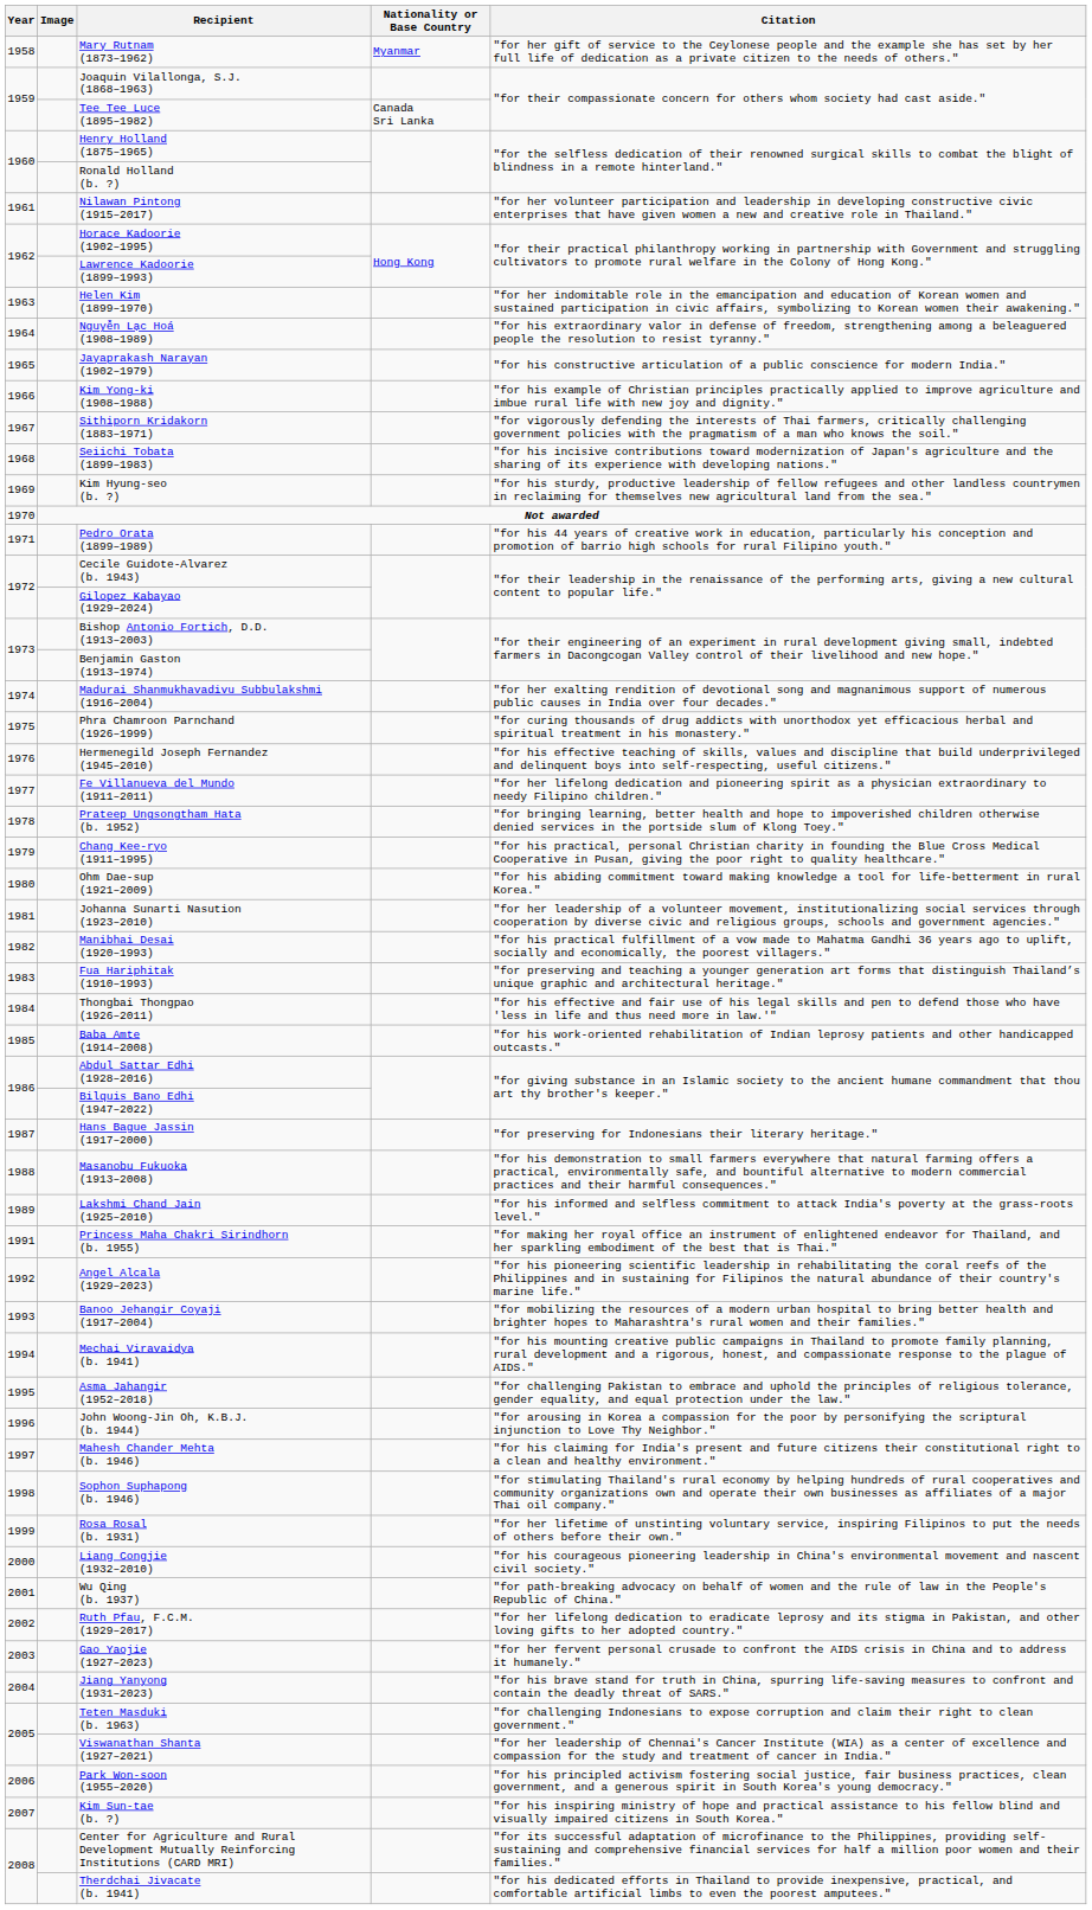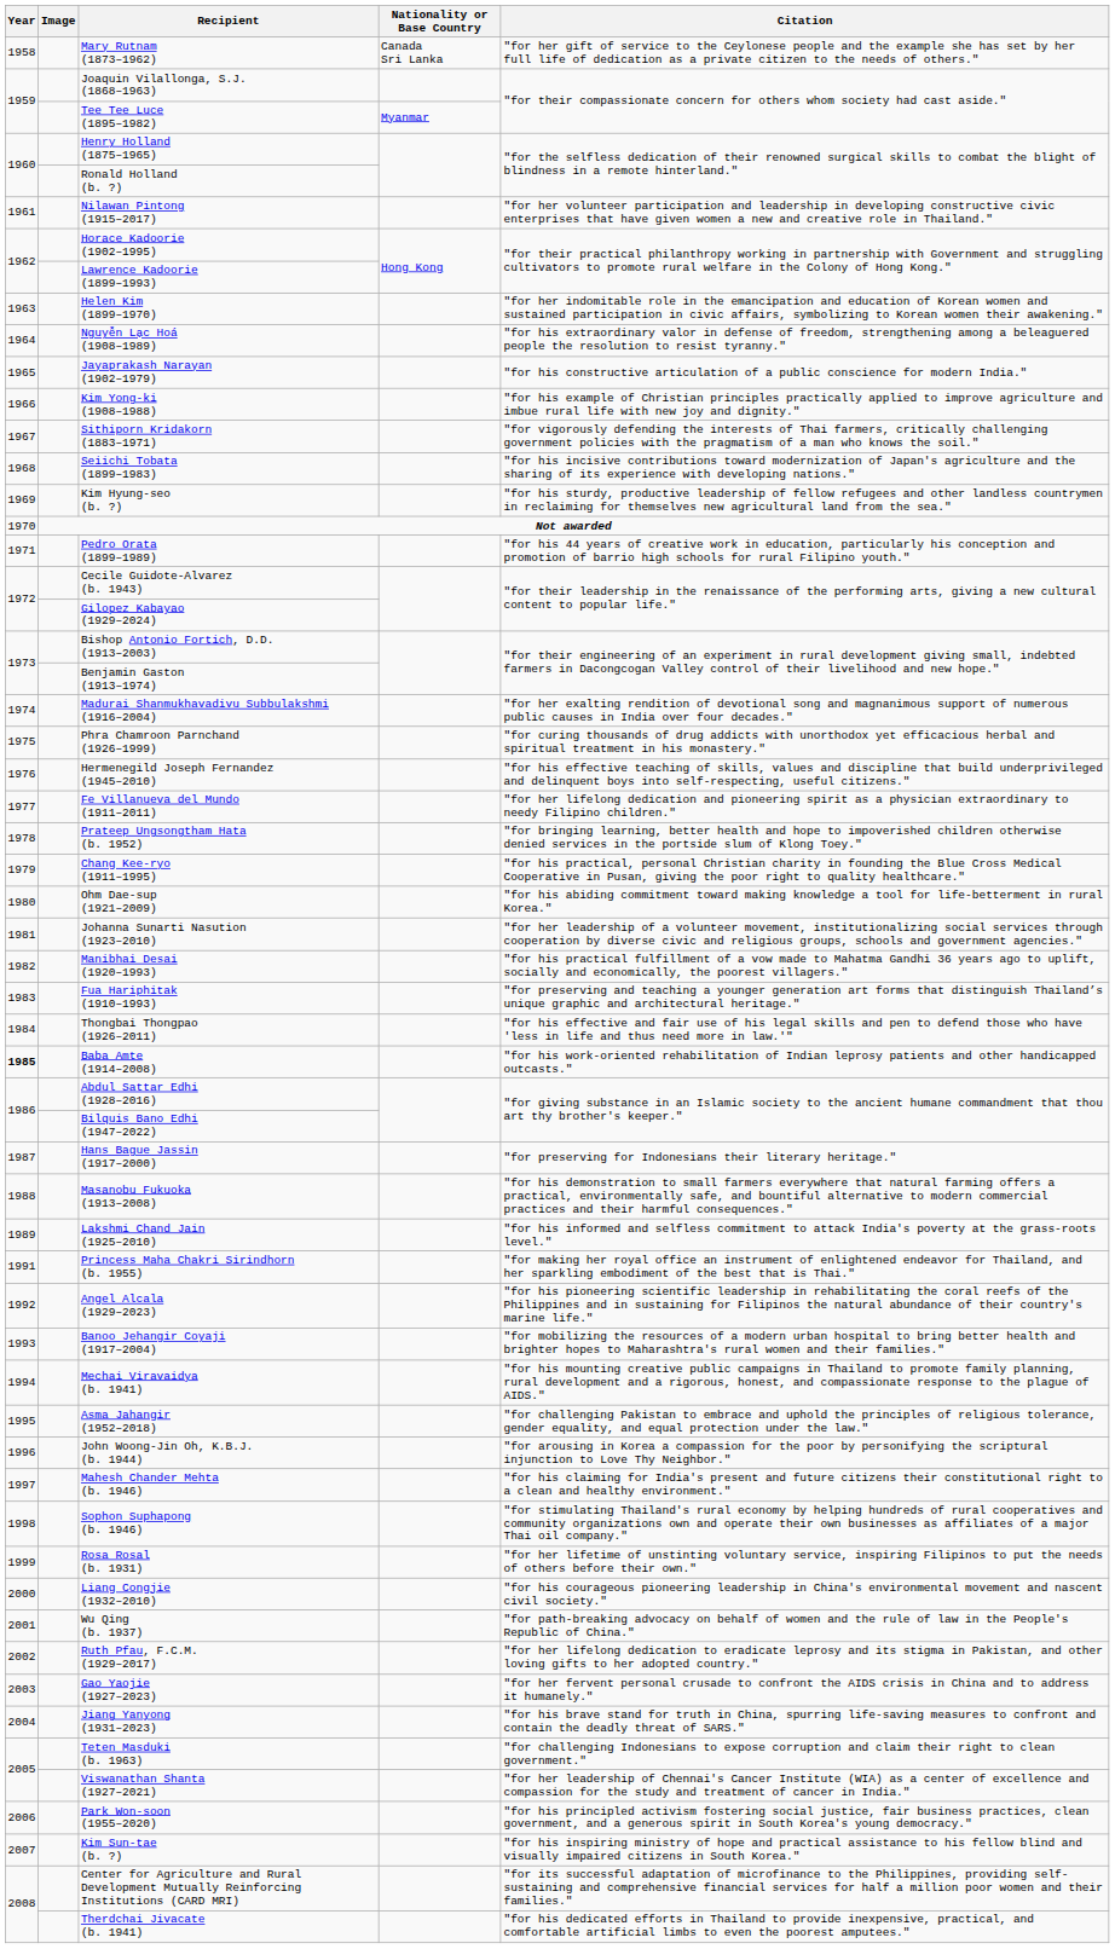 <table class="wikitable sortable" border="1">
 <tr>
 <th>Year</th>
 <th>Image</th>
 <th>Recipient</th>
 <th>Nationality or Base Country</th>
 <th>Citation</th>
 </tr>
 <tr>
 <td>1958</td>
 <td></td>
 <td><a href='#'>Mary Rutnam</a><br>(1873–1962)</td>
-<td> <a href='#'>Myanmar</a></td>
+<td>Canada<br>Sri Lanka</td>
 <td>"for her gift of service to the Ceylonese people and the example she has set by her full life of dedication as a private citizen to the needs of others."</td>
 </tr>
 <tr>
 <td rowspan="2">1959</td>
 <td></td>
 <td>Joaquin Vilallonga, S.J.<br>(1868–1963)</td>
 <td><br></td>
 <td rowspan="2">"for their compassionate concern for others whom society had cast aside."</td>
 </tr>
 <tr>
 <td></td>
 <td><a href='#'>Tee Tee Luce</a><br>(1895–1982)</td>
-<td>Canada<br>Sri Lanka</td>
+<td> <a href='#'>Myanmar</a></td>
 </tr>
 <tr>
 <td rowspan="2">1960</td>
 <td></td>
 <td><a href='#'>Henry Holland</a><br>(1875–1965)</td>
 <td rowspan="2"><br></td>
 <td rowspan="2">"for the selfless dedication of their renowned surgical skills to combat the blight of blindness in a remote hinterland."</td>
 </tr>
 <tr>
 <td></td>
 <td>Ronald Holland<br>(b. ?)</td>
 </tr>
 <tr>
 <td>1961</td>
 <td></td>
 <td><a href='#'>Nilawan Pintong</a><br>(1915–2017)</td>
 <td></td>
 <td>"for her volunteer participation and leadership in developing constructive civic enterprises that have given women a new and creative role in Thailand."</td>
 </tr>
 <tr>
 <td rowspan="2">1962</td>
 <td></td>
 <td><a href='#'>Horace Kadoorie</a><br>(1902–1995)</td>
 <td rowspan="2"><br>  <a href='#'>Hong Kong</a></td>
 <td rowspan="2">"for their practical philanthropy working in partnership with Government and struggling cultivators to promote rural welfare in the Colony of Hong Kong."</td>
 </tr>
 <tr>
 <td></td>
 <td><a href='#'>Lawrence Kadoorie</a><br>(1899–1993)</td>
 </tr>
 <tr>
 <td>1963</td>
 <td></td>
 <td><a href='#'>Helen Kim</a><br>(1899–1970)</td>
 <td></td>
 <td>"for her indomitable role in the emancipation and education of Korean women and sustained participation in civic affairs, symbolizing to Korean women their awakening."</td>
 </tr>
 <tr>
 <td>1964</td>
 <td></td>
 <td><a href='#'>Nguyễn Lạc Hoá</a><br>(1908–1989)</td>
 <td></td>
 <td>"for his extraordinary valor in defense of freedom, strengthening among a beleaguered people the resolution to resist tyranny."</td>
 </tr>
 <tr>
 <td>1965</td>
 <td></td>
 <td><a href='#'>Jayaprakash Narayan</a><br>(1902–1979)</td>
 <td></td>
 <td>"for his constructive articulation of a public conscience for modern India."</td>
 </tr>
 <tr>
 <td>1966</td>
 <td></td>
 <td><a href='#'>Kim Yong-ki</a><br>(1908–1988)</td>
 <td></td>
 <td>"for his example of Christian principles practically applied to improve agriculture and imbue rural life with new joy and dignity."</td>
 </tr>
 <tr>
 <td>1967</td>
 <td></td>
 <td><a href='#'>Sithiporn Kridakorn</a><br>(1883–1971)</td>
 <td></td>
 <td>"for vigorously defending the interests of Thai farmers, critically challenging government policies with the pragmatism of a man who knows the soil."</td>
 </tr>
 <tr>
 <td>1968</td>
 <td></td>
 <td><a href='#'>Seiichi Tobata</a><br>(1899–1983)</td>
 <td></td>
 <td>"for his incisive contributions toward modernization of Japan's agriculture and the sharing of its experience with developing nations."</td>
 </tr>
 <tr>
 <td>1969</td>
 <td></td>
 <td>Kim Hyung-seo<br>(b. ?)</td>
 <td></td>
 <td>"for his sturdy, productive leadership of fellow refugees and other landless countrymen in reclaiming for themselves new agricultural land from the sea."</td>
 </tr>
 <tr>
 <td>1970</td>
 <td colspan="4" align="center"><strong><em>Not awarded</em></strong></td>
 </tr>
 <tr>
 <td>1971</td>
 <td></td>
 <td><a href='#'>Pedro Orata</a><br>(1899–1989)</td>
 <td></td>
 <td>"for his 44 years of creative work in education, particularly his conception and promotion of barrio high schools for rural Filipino youth."</td>
 </tr>
 <tr>
 <td rowspan="2">1972</td>
 <td></td>
 <td>Cecile Guidote-Alvarez<br>(b. 1943)</td>
 <td rowspan="2"></td>
 <td rowspan="2">"for their leadership in the renaissance of the performing arts, giving a new cultural content to popular life."</td>
 </tr>
 <tr>
 <td></td>
 <td><a href='#'>Gilopez Kabayao</a><br>(1929–2024)</td>
 </tr>
 <tr>
 <td rowspan="2">1973</td>
 <td></td>
 <td>Bishop <a href='#'>Antonio Fortich</a>, D.D.<br>(1913–2003)</td>
 <td rowspan="2"></td>
 <td rowspan="2">"for their engineering of an experiment in rural development giving small, indebted farmers in Dacongcogan Valley control of their livelihood and new hope."</td>
 </tr>
 <tr>
 <td></td>
 <td>Benjamin Gaston<br>(1913–1974)</td>
 </tr>
 <tr>
 <td>1974</td>
 <td></td>
 <td><a href='#'>Madurai Shanmukhavadivu Subbulakshmi</a><br>(1916–2004)</td>
 <td></td>
 <td>"for her exalting rendition of devotional song and magnanimous support of numerous public causes in India over four decades."</td>
 </tr>
 <tr>
 <td>1975</td>
 <td></td>
 <td>Phra Chamroon Parnchand<br>(1926–1999)</td>
 <td></td>
 <td>"for curing thousands of drug addicts with unorthodox yet efficacious herbal and spiritual treatment in his monastery."</td>
 </tr>
 <tr>
 <td>1976</td>
 <td></td>
 <td>Hermenegild Joseph Fernandez<br>(1945–2010)</td>
 <td><br></td>
 <td>"for his effective teaching of skills, values and discipline that build underprivileged and delinquent boys into self-respecting, useful citizens."</td>
 </tr>
 <tr>
 <td>1977</td>
 <td></td>
 <td><a href='#'>Fe Villanueva del Mundo</a><br>(1911–2011)</td>
 <td></td>
 <td>"for her lifelong dedication and pioneering spirit as a physician extraordinary to needy Filipino children."</td>
 </tr>
 <tr>
 <td>1978</td>
 <td></td>
 <td><a href='#'>Prateep Ungsongtham Hata</a><br>(b. 1952)</td>
 <td></td>
 <td>"for bringing learning, better health and hope to impoverished children otherwise denied services in the portside slum of Klong Toey."</td>
 </tr>
 <tr>
 <td>1979</td>
 <td></td>
 <td><a href='#'>Chang Kee-ryo</a><br>(1911–1995)</td>
 <td></td>
 <td>"for his practical, personal Christian charity in founding the Blue Cross Medical Cooperative in Pusan, giving the poor right to quality healthcare."</td>
 </tr>
 <tr>
 <td>1980</td>
 <td></td>
 <td>Ohm Dae-sup<br>(1921–2009)</td>
 <td></td>
 <td>"for his abiding commitment toward making knowledge a tool for life-betterment in rural Korea."</td>
 </tr>
 <tr>
 <td>1981</td>
 <td></td>
 <td>Johanna Sunarti Nasution<br>(1923–2010)</td>
 <td></td>
 <td>"for her leadership of a volunteer movement, institutionalizing social services through cooperation by diverse civic and religious groups, schools and government agencies."</td>
 </tr>
 <tr>
 <td>1982</td>
 <td></td>
 <td><a href='#'>Manibhai Desai</a><br>(1920–1993)</td>
 <td></td>
 <td>"for his practical fulfillment of a vow made to Mahatma Gandhi 36 years ago to uplift, socially and economically, the poorest villagers."</td>
 </tr>
 <tr>
 <td>1983</td>
 <td></td>
 <td><a href='#'>Fua Hariphitak</a><br>(1910–1993)</td>
 <td></td>
 <td>"for preserving and teaching a younger generation art forms that distinguish Thailand’s unique graphic and architectural heritage."</td>
 </tr>
 <tr>
 <td>1984</td>
 <td></td>
 <td>Thongbai Thongpao<br>(1926–2011)</td>
 <td></td>
 <td>"for his effective and fair use of his legal skills and pen to defend those who have 'less in life and thus need more in law.'"</td>
 </tr>
 <tr>
-<td>1985</td>
+<td><strong>1985</strong></td>
 <td></td>
 <td><a href='#'>Baba Amte</a><br>(1914–2008)</td>
 <td></td>
 <td>"for his work-oriented rehabilitation of Indian leprosy patients and other handicapped outcasts."</td>
 </tr>
 <tr>
 <td rowspan="2">1986</td>
 <td></td>
 <td><a href='#'>Abdul Sattar Edhi</a><br>(1928–2016)</td>
 <td rowspan="2"></td>
 <td rowspan="2">"for giving substance in an Islamic society to the ancient humane commandment that thou art thy brother's keeper."</td>
 </tr>
 <tr>
 <td></td>
 <td><a href='#'>Bilquis Bano Edhi</a><br>(1947–2022)</td>
 </tr>
 <tr>
 <td>1987</td>
 <td></td>
 <td><a href='#'>Hans Bague Jassin</a><br>(1917–2000)</td>
 <td></td>
 <td>"for preserving for Indonesians their literary heritage."</td>
 </tr>
 <tr>
 <td>1988</td>
 <td></td>
 <td><a href='#'>Masanobu Fukuoka</a><br>(1913–2008)</td>
 <td></td>
 <td>"for his demonstration to small farmers everywhere that natural farming offers a practical, environmentally safe, and bountiful alternative to modern commercial practices and their harmful consequences."</td>
 </tr>
 <tr>
 <td>1989</td>
 <td></td>
 <td><a href='#'>Lakshmi Chand Jain</a><br>(1925–2010)</td>
 <td></td>
 <td>"for his informed and selfless commitment to attack India's poverty at the grass-roots level."</td>
 </tr>
 <tr>
 <td>1991</td>
 <td></td>
 <td><a href='#'>Princess Maha Chakri Sirindhorn</a><br>(b. 1955)</td>
 <td></td>
 <td>"for making her royal office an instrument of enlightened endeavor for Thailand, and her sparkling embodiment of the best that is Thai."</td>
 </tr>
 <tr>
 <td>1992</td>
 <td></td>
 <td><a href='#'>Angel Alcala</a><br>(1929–2023)</td>
 <td></td>
 <td>"for his pioneering scientific leadership in rehabilitating the coral reefs of the Philippines and in sustaining for Filipinos the natural abundance of their country's marine life."</td>
 </tr>
 <tr>
 <td>1993</td>
 <td></td>
 <td><a href='#'>Banoo Jehangir Coyaji</a><br>(1917–2004)</td>
 <td></td>
 <td>"for mobilizing the resources of a modern urban hospital to bring better health and brighter hopes to Maharashtra's rural women and their families."</td>
 </tr>
 <tr>
 <td>1994</td>
 <td></td>
 <td><a href='#'>Mechai Viravaidya</a><br>(b. 1941)</td>
 <td></td>
 <td>"for his mounting creative public campaigns in Thailand to promote family planning, rural development and a rigorous, honest, and compassionate response to the plague of AIDS."</td>
 </tr>
 <tr>
 <td>1995</td>
 <td></td>
 <td><a href='#'>Asma Jahangir</a><br>(1952–2018)</td>
 <td></td>
 <td>"for challenging Pakistan to embrace and uphold the principles of religious tolerance, gender equality, and equal protection under the law."</td>
 </tr>
 <tr>
 <td>1996</td>
 <td></td>
 <td>John Woong-Jin Oh, K.B.J.<br>(b. 1944)</td>
 <td></td>
 <td>"for arousing in Korea a compassion for the poor by personifying the scriptural injunction to Love Thy Neighbor."</td>
 </tr>
 <tr>
 <td>1997</td>
 <td></td>
 <td><a href='#'>Mahesh Chander Mehta</a><br>(b. 1946)</td>
 <td></td>
 <td>"for his claiming for India's present and future citizens their constitutional right to a clean and healthy environment."</td>
 </tr>
 <tr>
 <td>1998</td>
 <td></td>
 <td><a href='#'>Sophon Suphapong</a><br>(b. 1946)</td>
 <td></td>
 <td>"for stimulating Thailand's rural economy by helping hundreds of rural cooperatives and community organizations own and operate their own businesses as affiliates of a major Thai oil company."</td>
 </tr>
 <tr>
 <td>1999</td>
 <td></td>
 <td><a href='#'>Rosa Rosal</a><br>(b. 1931)</td>
 <td></td>
 <td>"for her lifetime of unstinting voluntary service, inspiring Filipinos to put the needs of others before their own."</td>
 </tr>
 <tr>
 <td>2000</td>
 <td></td>
 <td><a href='#'>Liang Congjie</a><br>(1932–2010)</td>
 <td></td>
 <td>"for his courageous pioneering leadership in China's environmental movement and nascent civil society."</td>
 </tr>
 <tr>
 <td>2001</td>
 <td></td>
 <td>Wu Qing<br>(b. 1937)</td>
 <td></td>
 <td>"for path-breaking advocacy on behalf of women and the rule of law in the People's Republic of China."</td>
 </tr>
 <tr>
 <td>2002</td>
 <td></td>
 <td><a href='#'>Ruth Pfau</a>, F.C.M.<br>(1929–2017)</td>
 <td></td>
 <td>"for her lifelong dedication to eradicate leprosy and its stigma in Pakistan, and other loving gifts to her adopted country."</td>
 </tr>
 <tr>
 <td>2003</td>
 <td></td>
 <td><a href='#'>Gao Yaojie</a><br>(1927–2023)</td>
 <td></td>
 <td>"for her fervent personal crusade to confront the AIDS crisis in China and to address it humanely."</td>
 </tr>
 <tr>
 <td>2004</td>
 <td></td>
 <td><a href='#'>Jiang Yanyong</a><br>(1931–2023)</td>
 <td></td>
 <td>"for his brave stand for truth in China, spurring life-saving measures to confront and contain the deadly threat of SARS."</td>
 </tr>
 <tr>
 <td rowspan="2">2005</td>
 <td></td>
 <td><a href='#'>Teten Masduki</a><br>(b. 1963)</td>
 <td></td>
 <td>"for challenging Indonesians to expose corruption and claim their right to clean government."</td>
 </tr>
 <tr>
 <td></td>
 <td><a href='#'>Viswanathan Shanta</a><br>(1927–2021)</td>
 <td></td>
 <td>"for her leadership of Chennai's Cancer Institute (WIA) as a center of excellence and compassion for the study and treatment of cancer in India."</td>
 </tr>
 <tr>
 <td>2006</td>
 <td></td>
 <td><a href='#'>Park Won-soon</a><br>(1955–2020)</td>
 <td></td>
 <td>"for his principled activism fostering social justice, fair business practices, clean government, and a generous spirit in South Korea's young democracy."</td>
 </tr>
 <tr>
 <td>2007</td>
 <td></td>
 <td><a href='#'>Kim Sun-tae</a><br>(b. ?)</td>
 <td></td>
 <td>"for his inspiring ministry of hope and practical assistance to his fellow blind and visually impaired citizens in South Korea."</td>
 </tr>
 <tr>
 <td rowspan="2">2008</td>
 <td></td>
 <td>Center for Agriculture and Rural Development Mutually Reinforcing Institutions (CARD MRI)</td>
 <td></td>
 <td>"for its successful adaptation of microfinance to the Philippines, providing self-sustaining and comprehensive financial services for half a million poor women and their families."</td>
 </tr>
 <tr>
 <td></td>
 <td><a href='#'>Therdchai Jivacate</a><br>(b. 1941)</td>
 <td></td>
 <td>"for his dedicated efforts in Thailand to provide inexpensive, practical, and comfortable artificial limbs to even the poorest amputees."</td>
 </tr>
 </table>
